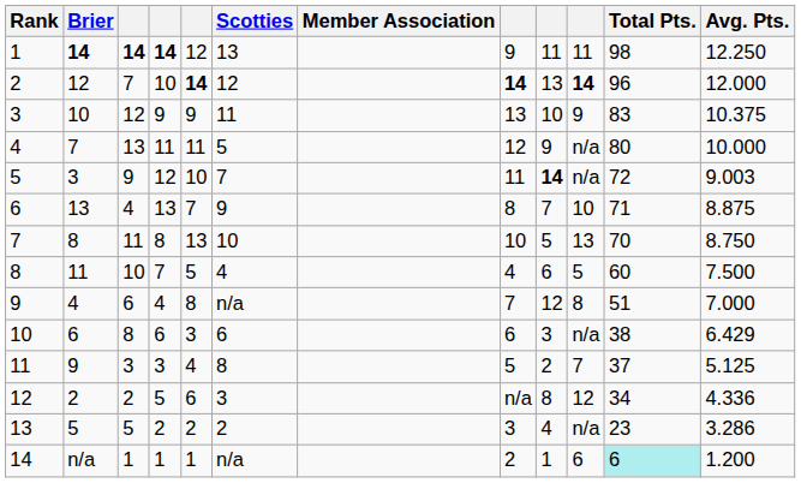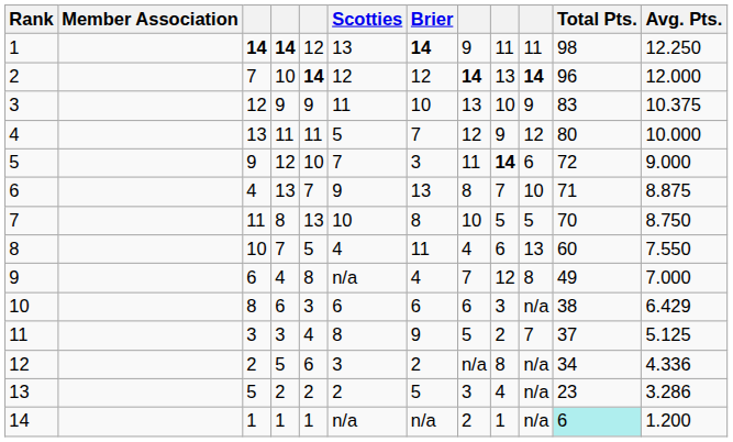 <table class="wikitable sortable">
 <tr>
 <th>Rank</th>
-<th><a href='#'>Brier</a></th>
+<th>Member Association</th>
 <th></th>
 <th></th>
 <th></th>
 <th><a href='#'>Scotties</a></th>
-<th>Member Association</th>
+<th><a href='#'>Brier</a></th>
 <th></th>
 <th></th>
 <th></th>
 <th>Total Pts.</th>
 <th>Avg. Pts.</th>
 </tr>
 <tr>
 <td>1</td>
-<td><strong>14</strong></td>
+<td><strong></strong></td>
 <td><strong>14</strong></td>
 <td><strong>14</strong></td>
 <td>12</td>
 <td>13</td>
-<td><strong></strong></td>
+<td><strong>14</strong></td>
 <td>9</td>
 <td>11</td>
 <td>11</td>
 <td>98</td>
 <td>12.250</td>
 </tr>
 <tr>
 <td>2</td>
-<td>12</td>
+<td></td>
 <td>7</td>
 <td>10</td>
 <td><strong>14</strong></td>
 <td>12</td>
-<td></td>
+<td>12</td>
 <td><strong>14</strong></td>
 <td>13</td>
 <td><strong>14</strong></td>
 <td>96</td>
 <td>12.000</td>
 </tr>
 <tr>
 <td>3</td>
-<td>10</td>
+<td></td>
 <td>12</td>
 <td>9</td>
 <td>9</td>
 <td>11</td>
-<td></td>
+<td>10</td>
 <td>13</td>
 <td>10</td>
 <td>9</td>
 <td>83</td>
 <td>10.375</td>
 </tr>
 <tr>
 <td>4</td>
-<td>7</td>
+<td></td>
 <td>13</td>
 <td>11</td>
 <td>11</td>
 <td>5</td>
-<td></td>
+<td>7</td>
 <td>12</td>
 <td>9</td>
-<td>n/a</td>
+<td>12</td>
 <td>80</td>
 <td>10.000</td>
 </tr>
 <tr>
 <td>5</td>
-<td>3</td>
+<td></td>
 <td>9</td>
 <td>12</td>
 <td>10</td>
 <td>7</td>
-<td></td>
+<td>3</td>
 <td>11</td>
 <td><strong>14</strong></td>
-<td>n/a</td>
+<td>6</td>
 <td>72</td>
-<td>9.003</td>
+<td>9.000</td>
 </tr>
 <tr>
 <td>6</td>
-<td>13</td>
+<td></td>
 <td>4</td>
 <td>13</td>
 <td>7</td>
 <td>9</td>
-<td></td>
+<td>13</td>
 <td>8</td>
 <td>7</td>
 <td>10</td>
 <td>71</td>
 <td>8.875</td>
 </tr>
 <tr>
 <td>7</td>
-<td>8</td>
+<td></td>
 <td>11</td>
 <td>8</td>
 <td>13</td>
 <td>10</td>
-<td></td>
+<td>8</td>
 <td>10</td>
 <td>5</td>
-<td>13</td>
+<td>5</td>
 <td>70</td>
 <td>8.750</td>
 </tr>
 <tr>
 <td>8</td>
-<td>11</td>
+<td></td>
 <td>10</td>
 <td>7</td>
 <td>5</td>
 <td>4</td>
-<td></td>
+<td>11</td>
 <td>4</td>
 <td>6</td>
-<td>5</td>
+<td>13</td>
 <td>60</td>
-<td>7.500</td>
+<td>7.550</td>
 </tr>
 <tr>
 <td>9</td>
-<td>4</td>
+<td></td>
 <td>6</td>
 <td>4</td>
 <td>8</td>
 <td>n/a</td>
-<td></td>
+<td>4</td>
 <td>7</td>
 <td>12</td>
 <td>8</td>
-<td>51</td>
+<td>49</td>
 <td>7.000</td>
 </tr>
 <tr>
 <td>10</td>
-<td>6</td>
+<td></td>
 <td>8</td>
 <td>6</td>
 <td>3</td>
 <td>6</td>
-<td></td>
+<td>6</td>
 <td>6</td>
 <td>3</td>
 <td>n/a</td>
 <td>38</td>
 <td>6.429</td>
 </tr>
 <tr>
 <td>11</td>
-<td>9</td>
+<td></td>
 <td>3</td>
 <td>3</td>
 <td>4</td>
 <td>8</td>
-<td></td>
+<td>9</td>
 <td>5</td>
 <td>2</td>
 <td>7</td>
 <td>37</td>
 <td>5.125</td>
 </tr>
 <tr>
 <td>12</td>
-<td>2</td>
+<td></td>
 <td>2</td>
 <td>5</td>
 <td>6</td>
 <td>3</td>
-<td></td>
+<td>2</td>
 <td>n/a</td>
 <td>8</td>
-<td>12</td>
+<td>n/a</td>
 <td>34</td>
 <td>4.336</td>
 </tr>
 <tr>
 <td>13</td>
-<td>5</td>
+<td></td>
 <td>5</td>
 <td>2</td>
 <td>2</td>
 <td>2</td>
-<td></td>
+<td>5</td>
 <td>3</td>
 <td>4</td>
 <td>n/a</td>
 <td>23</td>
 <td>3.286</td>
 </tr>
 <tr>
 <td>14</td>
-<td>n/a</td>
+<td></td>
 <td>1</td>
 <td>1</td>
 <td>1</td>
 <td>n/a</td>
-<td></td>
+<td>n/a</td>
 <td>2</td>
 <td>1</td>
-<td>6</td>
+<td>n/a</td>
 <td style="background: paleturquoise;">6</td>
 <td>1.200</td>
 </tr>
 </table>
